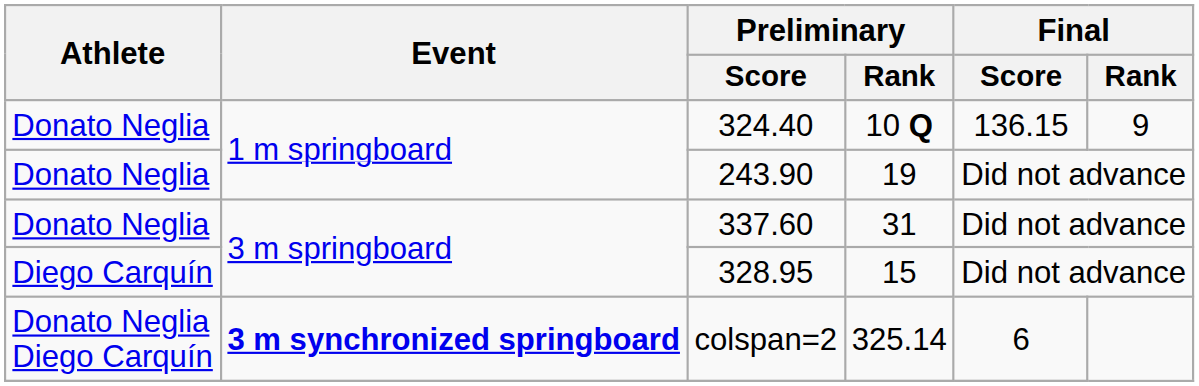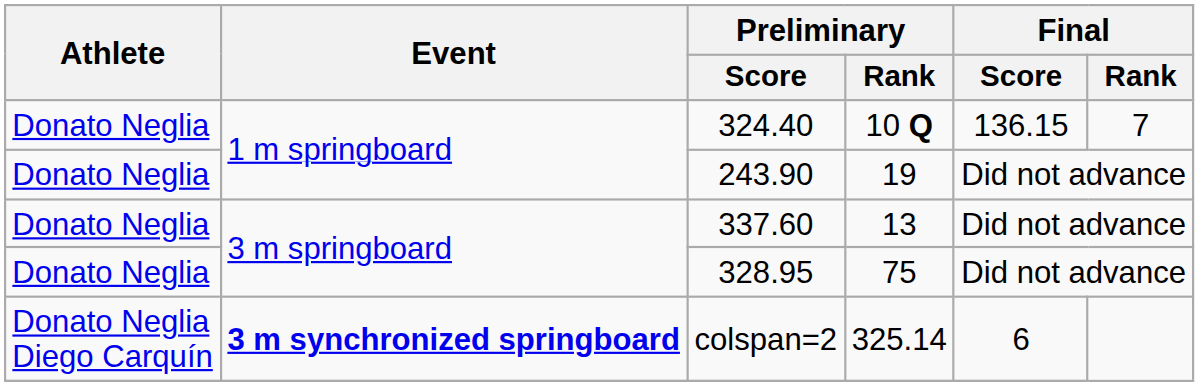 <table class=wikitable style=font-size:90%;text-align:center>
 <tr>
 <th rowspan=2>Athlete</th>
 <th rowspan=2>Event</th>
 <th colspan=2>Preliminary</th>
 <th colspan=2>Final</th>
 </tr>
 <tr style=font-size:95%>
 <th>Score</th>
 <th>Rank</th>
 <th>Score</th>
 <th>Rank</th>
 </tr>
 <tr>
 <td style="text-align:left"><a href='#'>Donato Neglia</a></td>
 <td style="text-align:left" rowspan=2><a href='#'>1 m springboard</a></td>
 <td>324.40</td>
 <td>10 <strong>Q</strong></td>
 <td>136.15</td>
-<td>9</td>
+<td>7</td>
 </tr>
 <tr>
 <td style="text-align:left"><a href='#'>Donato Neglia</a></td>
 <td>243.90</td>
 <td>19</td>
 <td colspan="2">Did not advance</td>
 </tr>
 <tr>
 <td style="text-align:left"><a href='#'>Donato Neglia</a></td>
 <td style="text-align:left" rowspan=2><a href='#'>3 m springboard</a></td>
 <td>337.60</td>
-<td>31</td>
+<td>13</td>
 <td colspan="2">Did not advance</td>
 </tr>
 <tr>
-<td style="text-align:left"><a href='#'>Diego Carquín</a></td>
+<td style="text-align:left"><a href='#'>Donato Neglia</a></td>
 <td>328.95</td>
-<td>15</td>
+<td>75</td>
 <td colspan="2">Did not advance</td>
 </tr>
 <tr>
 <td style="text-align:left"><a href='#'>Donato Neglia</a><br><a href='#'>Diego Carquín</a></td>
 <td style="text-align:left"><strong><a href='#'>3 m synchronized springboard</a></strong></td>
 <td>colspan=2 </td>
 <td>325.14</td>
 <td>6</td>
 </tr>
 <tr>
 </tr>
 </table>
